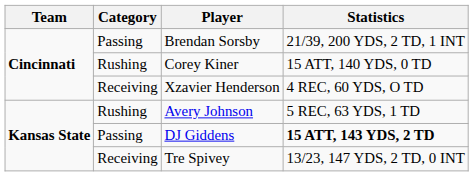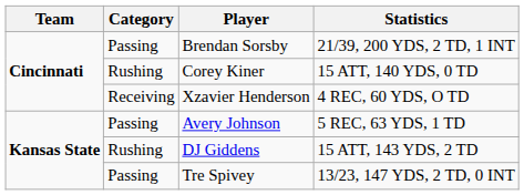 <table class="wikitable" style="float: right;">
 <tr>
 <th>Team</th>
 <th>Category</th>
 <th>Player</th>
 <th>Statistics</th>
 </tr>
 <tr>
 <td rowspan=3><strong>Cincinnati</strong></td>
 <td>Passing</td>
 <td>Brendan Sorsby</td>
 <td>21/39, 200 YDS, 2 TD, 1 INT</td>
 </tr>
 <tr>
 <td>Rushing</td>
 <td>Corey Kiner</td>
 <td>15 ATT, 140 YDS, 0 TD</td>
 </tr>
 <tr>
 <td>Receiving</td>
 <td>Xzavier Henderson</td>
 <td>4 REC, 60 YDS, O TD</td>
 </tr>
 <tr>
 <td rowspan=3><strong>Kansas State</strong></td>
-<td>Rushing</td>
+<td>Passing</td>
 <td><a href='#'>Avery Johnson</a></td>
 <td>5 REC, 63 YDS, 1 TD</td>
 </tr>
 <tr>
-<td>Passing</td>
+<td>Rushing</td>
 <td><a href='#'>DJ Giddens</a></td>
-<td><strong>15 ATT, 143 YDS, 2 TD</strong></td>
+<td>15 ATT, 143 YDS, 2 TD</td>
 </tr>
 <tr>
-<td>Receiving</td>
+<td>Passing</td>
 <td>Tre Spivey</td>
 <td>13/23, 147 YDS, 2 TD, 0 INT</td>
 </tr>
 </table>
